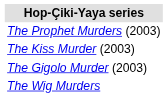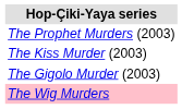 <table align="right" class="toccolours" cellspacing="0" cellpadding="3">
 <tr style="background: #e0e0e0">
 <th>Hop-Çiki-Yaya series</th>
 </tr>
 <tr>
 <td><em><a href='#'>The Prophet Murders</a></em> (2003)</td>
 </tr>
 <tr>
 <td><em><a href='#'>The Kiss Murder</a></em> (2003)</td>
 </tr>
 <tr>
 <td><em><a href='#'>The Gigolo Murder</a></em> (2003)</td>
 </tr>
 <tr>
-<td><em><a href='#'>The Wig Murders</a></em></td>
+<td style="background: pink;"><em><a href='#'>The Wig Murders</a></em></td>
 </tr>
 </table>
